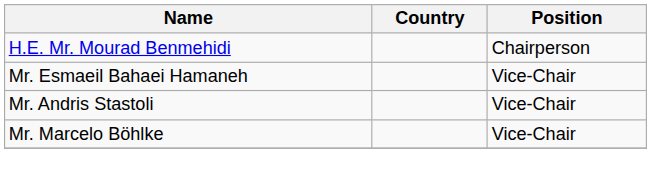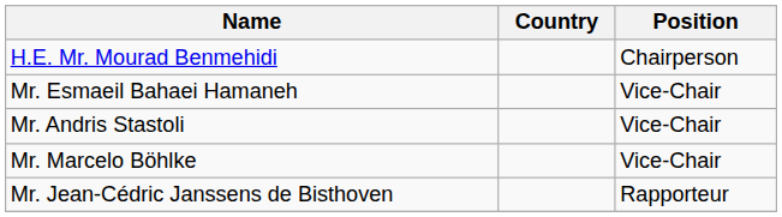 <table class="wikitable" style="display: inline-table; width: 45%;">
 <tr>
 <th>Name</th>
 <th>Country</th>
 <th>Position</th>
 </tr>
 <tr>
 <td><a href='#'>H.E. Mr. Mourad Benmehidi</a></td>
 <td></td>
 <td>Chairperson</td>
 </tr>
 <tr>
 <td>Mr. Esmaeil Bahaei Hamaneh</td>
 <td></td>
 <td>Vice-Chair</td>
 </tr>
 <tr>
 <td>Mr. Andris Stastoli</td>
 <td></td>
 <td>Vice-Chair</td>
 </tr>
 <tr>
 <td>Mr. Marcelo Böhlke</td>
 <td></td>
 <td>Vice-Chair</td>
 </tr>
 <tr>
+<td>Mr. Jean-Cédric Janssens de Bisthoven</td>
+<td></td>
+<td>Rapporteur</td>
+</tr>
+<tr>
 </tr>
 </table>
